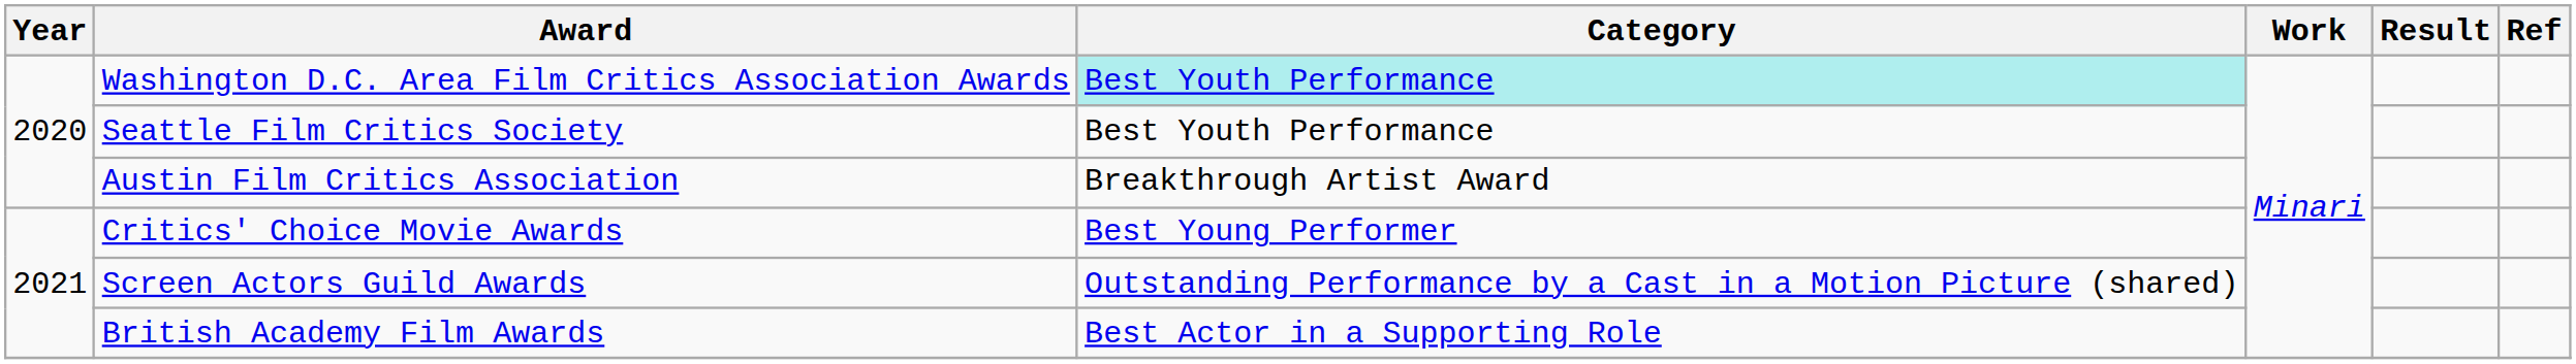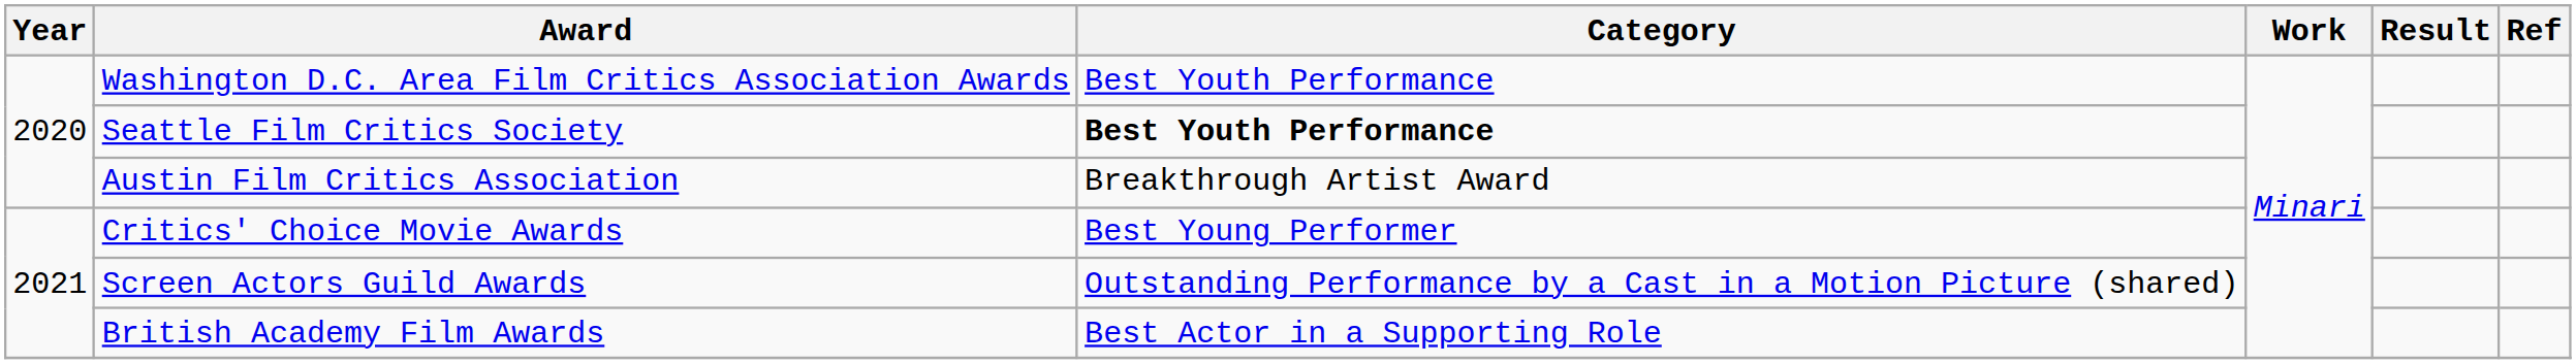 <table class="wikitable plainrowheaders">
 <tr>
 <th>Year</th>
 <th>Award</th>
 <th>Category</th>
 <th>Work</th>
 <th>Result</th>
 <th>Ref</th>
 </tr>
 <tr>
 <td rowspan="3">2020</td>
 <td><a href='#'>Washington D.C. Area Film Critics Association Awards</a></td>
-<td style="background: paleturquoise;"><a href='#'>Best Youth Performance</a></td>
+<td><a href='#'>Best Youth Performance</a></td>
 <td rowspan="6"><em><a href='#'>Minari</a></em></td>
 <td></td>
 <td></td>
 </tr>
 <tr>
 <td><a href='#'>Seattle Film Critics Society</a></td>
-<td>Best Youth Performance</td>
+<td><strong>Best Youth Performance</strong></td>
 <td></td>
 <td></td>
 </tr>
 <tr>
 <td><a href='#'>Austin Film Critics Association</a></td>
 <td>Breakthrough Artist Award</td>
 <td></td>
 <td></td>
 </tr>
 <tr>
 <td rowspan="3">2021</td>
 <td><a href='#'>Critics' Choice Movie Awards</a></td>
 <td><a href='#'>Best Young Performer</a></td>
 <td></td>
 <td></td>
 </tr>
 <tr>
 <td><a href='#'>Screen Actors Guild Awards</a></td>
 <td><a href='#'>Outstanding Performance by a Cast in a Motion Picture</a> (shared)</td>
 <td></td>
 <td></td>
 </tr>
 <tr>
 <td><a href='#'>British Academy Film Awards</a></td>
 <td><a href='#'>Best Actor in a Supporting Role</a></td>
 <td></td>
 <td></td>
 </tr>
 <tr>
 </tr>
 </table>
